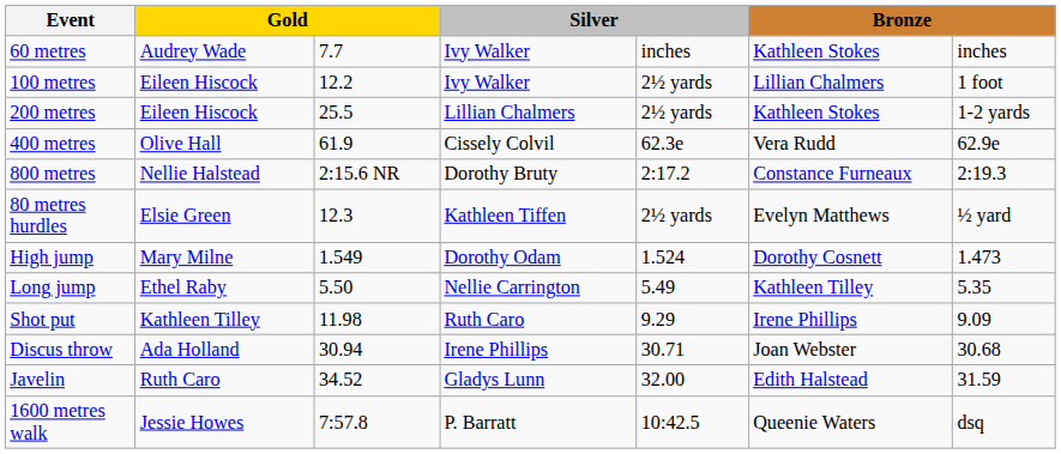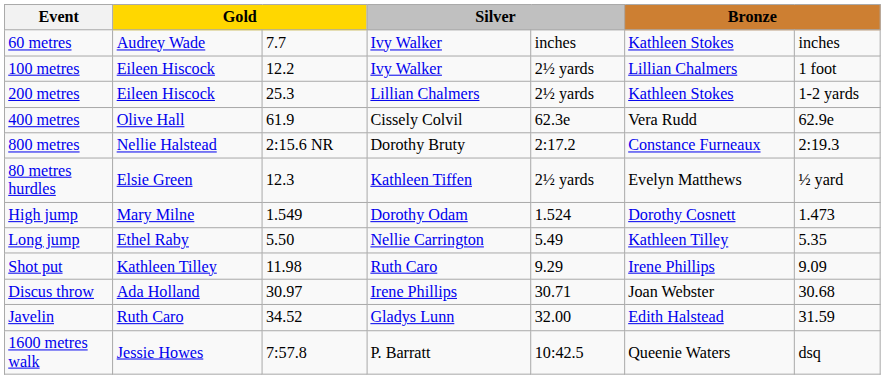 <table class="wikitable" style="text-align:left">
 <tr>
 <th width=100>Event</th>
 <th colspan="2" width="280" style="background:gold;">Gold</th>
 <th colspan="2" width="280" style="background:silver;">Silver</th>
 <th colspan="2" width="280" style="background:#CD7F32;">Bronze</th>
 </tr>
 <tr>
 <td><a href='#'>60 metres</a></td>
 <td><a href='#'>Audrey Wade</a></td>
 <td>7.7</td>
 <td><a href='#'>Ivy Walker</a></td>
 <td>inches</td>
 <td><a href='#'>Kathleen Stokes</a></td>
 <td>inches</td>
 </tr>
 <tr>
 <td><a href='#'>100 metres</a></td>
 <td><a href='#'>Eileen Hiscock</a></td>
 <td>12.2</td>
 <td><a href='#'>Ivy Walker</a></td>
 <td>2½ yards</td>
 <td><a href='#'>Lillian Chalmers</a></td>
 <td>1 foot</td>
 </tr>
 <tr>
 <td><a href='#'>200 metres</a></td>
 <td><a href='#'>Eileen Hiscock</a></td>
-<td>25.5</td>
+<td>25.3</td>
 <td><a href='#'>Lillian Chalmers</a></td>
 <td>2½ yards</td>
 <td><a href='#'>Kathleen Stokes</a></td>
 <td>1-2 yards</td>
 </tr>
 <tr>
 <td><a href='#'>400 metres</a></td>
 <td><a href='#'>Olive Hall</a></td>
 <td>61.9</td>
 <td>Cissely Colvil</td>
 <td>62.3e</td>
 <td>Vera Rudd</td>
 <td>62.9e</td>
 </tr>
 <tr>
 <td><a href='#'>800 metres</a></td>
 <td><a href='#'>Nellie Halstead</a></td>
 <td>2:15.6 NR</td>
 <td>Dorothy Bruty</td>
 <td>2:17.2</td>
 <td><a href='#'>Constance Furneaux</a></td>
 <td>2:19.3</td>
 </tr>
 <tr>
 <td><a href='#'>80 metres hurdles</a></td>
 <td><a href='#'>Elsie Green</a></td>
 <td>12.3</td>
 <td><a href='#'>Kathleen Tiffen</a></td>
 <td>2½ yards</td>
 <td>Evelyn Matthews</td>
 <td>½ yard</td>
 </tr>
 <tr>
 <td><a href='#'>High jump</a></td>
 <td><a href='#'>Mary Milne</a></td>
 <td>1.549</td>
 <td><a href='#'>Dorothy Odam</a></td>
 <td>1.524</td>
 <td><a href='#'>Dorothy Cosnett</a></td>
 <td>1.473</td>
 </tr>
 <tr>
 <td><a href='#'>Long jump</a></td>
 <td><a href='#'>Ethel Raby</a></td>
 <td>5.50</td>
 <td><a href='#'>Nellie Carrington</a></td>
 <td>5.49</td>
 <td><a href='#'>Kathleen Tilley</a></td>
 <td>5.35</td>
 </tr>
 <tr>
 <td><a href='#'>Shot put</a></td>
 <td><a href='#'>Kathleen Tilley</a></td>
 <td>11.98</td>
 <td> <a href='#'>Ruth Caro</a></td>
 <td>9.29</td>
 <td><a href='#'>Irene Phillips</a></td>
 <td>9.09</td>
 </tr>
 <tr>
 <td><a href='#'>Discus throw</a></td>
 <td><a href='#'>Ada Holland</a></td>
-<td>30.94</td>
+<td>30.97</td>
 <td><a href='#'>Irene Phillips</a></td>
 <td>30.71</td>
 <td>Joan Webster</td>
 <td>30.68</td>
 </tr>
 <tr>
 <td><a href='#'>Javelin</a></td>
 <td> <a href='#'>Ruth Caro</a></td>
 <td>34.52</td>
 <td><a href='#'>Gladys Lunn</a></td>
 <td>32.00</td>
 <td><a href='#'>Edith Halstead</a></td>
 <td>31.59</td>
 </tr>
 <tr>
 <td><a href='#'>1600 metres walk</a></td>
 <td><a href='#'>Jessie Howes</a></td>
 <td>7:57.8</td>
 <td>P. Barratt</td>
 <td>10:42.5</td>
 <td>Queenie Waters</td>
 <td>dsq</td>
 </tr>
 </table>
